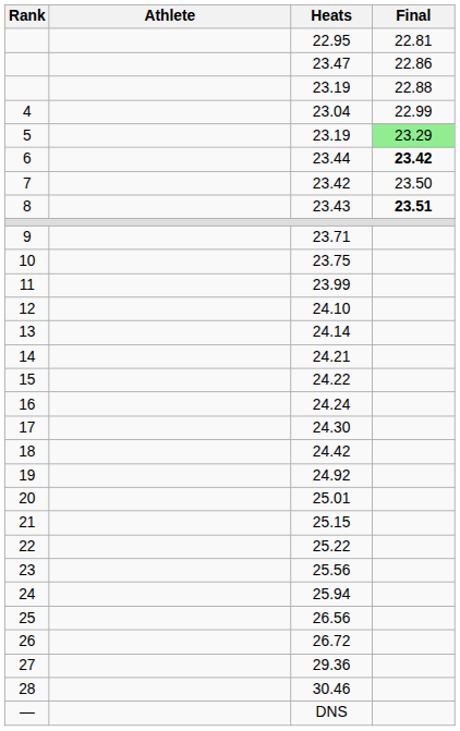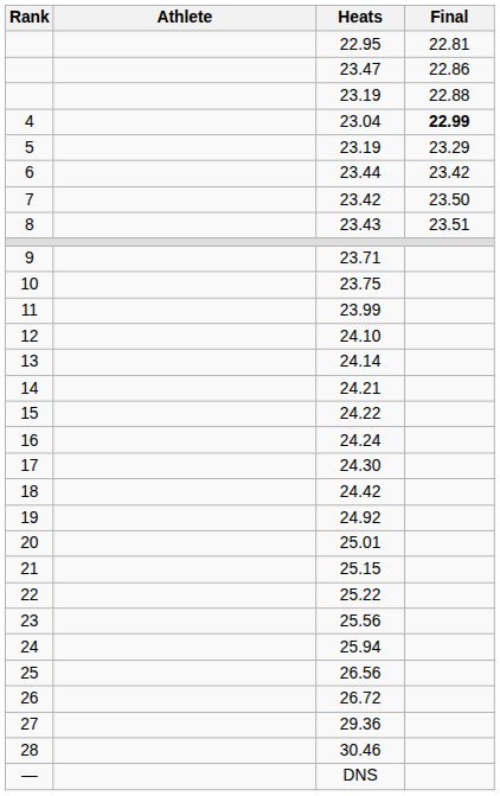 <table class=wikitable style="text-align:center">
 <tr>
 <th width=40>Rank</th>
 <th width=250>Athlete</th>
 <th width=80>Heats</th>
 <th width=80>Final</th>
 </tr>
 <tr>
 <td></td>
 <td align=left></td>
 <td>22.95</td>
 <td>22.81</td>
 </tr>
 <tr>
 <td></td>
 <td align=left></td>
 <td>23.47</td>
 <td>22.86</td>
 </tr>
 <tr>
 <td></td>
 <td align=left></td>
 <td>23.19</td>
 <td>22.88</td>
 </tr>
 <tr>
 <td>4</td>
 <td align=left></td>
 <td>23.04</td>
-<td>22.99</td>
+<td><strong>22.99</strong></td>
 </tr>
 <tr>
 <td>5</td>
 <td align=left></td>
 <td>23.19</td>
-<td style="background: lightgreen;">23.29</td>
+<td>23.29</td>
 </tr>
 <tr>
 <td>6</td>
 <td align=left></td>
 <td>23.44</td>
-<td><strong>23.42</strong></td>
+<td>23.42</td>
 </tr>
 <tr>
 <td>7</td>
 <td align=left></td>
 <td>23.42</td>
 <td>23.50</td>
 </tr>
 <tr>
 <td>8</td>
 <td align=left></td>
 <td>23.43</td>
-<td><strong>23.51</strong></td>
+<td>23.51</td>
 </tr>
 <tr bgcolor=#DDDDDD>
 <td colspan=4></td>
 </tr>
 <tr>
 <td>9</td>
 <td align=left></td>
 <td>23.71</td>
 <td></td>
 </tr>
 <tr>
 <td>10</td>
 <td align=left></td>
 <td>23.75</td>
 <td></td>
 </tr>
 <tr>
 <td>11</td>
 <td align=left></td>
 <td>23.99</td>
 <td></td>
 </tr>
 <tr>
 <td>12</td>
 <td align=left></td>
 <td>24.10</td>
 <td></td>
 </tr>
 <tr>
 <td>13</td>
 <td align=left></td>
 <td>24.14</td>
 <td></td>
 </tr>
 <tr>
 <td>14</td>
 <td align=left></td>
 <td>24.21</td>
 <td></td>
 </tr>
 <tr>
 <td>15</td>
 <td align=left></td>
 <td>24.22</td>
 <td></td>
 </tr>
 <tr>
 <td>16</td>
 <td align=left></td>
 <td>24.24</td>
 <td></td>
 </tr>
 <tr>
 <td>17</td>
 <td align=left></td>
 <td>24.30</td>
 <td></td>
 </tr>
 <tr>
 <td>18</td>
 <td align=left></td>
 <td>24.42</td>
 <td></td>
 </tr>
 <tr>
 <td>19</td>
 <td align=left></td>
 <td>24.92</td>
 <td></td>
 </tr>
 <tr>
 <td>20</td>
 <td align=left></td>
 <td>25.01</td>
 <td></td>
 </tr>
 <tr>
 <td>21</td>
 <td align=left></td>
 <td>25.15</td>
 <td></td>
 </tr>
 <tr>
 <td>22</td>
 <td align=left></td>
 <td>25.22</td>
 <td></td>
 </tr>
 <tr>
 <td>23</td>
 <td align=left></td>
 <td>25.56</td>
 <td></td>
 </tr>
 <tr>
 <td>24</td>
 <td align=left></td>
 <td>25.94</td>
 <td></td>
 </tr>
 <tr>
 <td>25</td>
 <td align=left></td>
 <td>26.56</td>
 <td></td>
 </tr>
 <tr>
 <td>26</td>
 <td align=left></td>
 <td>26.72</td>
 <td></td>
 </tr>
 <tr>
 <td>27</td>
 <td align=left></td>
 <td>29.36</td>
 <td></td>
 </tr>
 <tr>
 <td>28</td>
 <td align=left></td>
 <td>30.46</td>
 <td></td>
 </tr>
 <tr>
 <td>—</td>
 <td align=left></td>
 <td>DNS</td>
 <td></td>
 </tr>
 </table>
